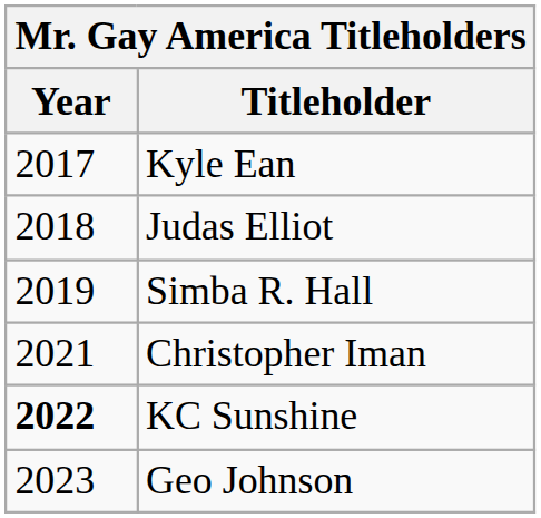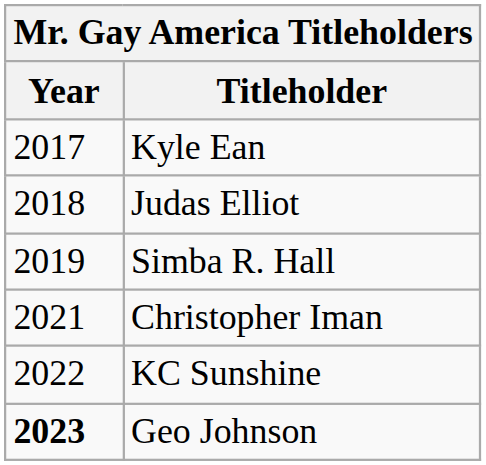 <table class="wikitable collapsible">
 <tr>
 <th colspan="2">Mr. Gay America Titleholders</th>
 </tr>
 <tr>
 <th>Year</th>
 <th>Titleholder</th>
 </tr>
 <tr>
 <td>2017</td>
 <td>Kyle Ean</td>
 </tr>
 <tr>
 <td>2018</td>
 <td>Judas Elliot</td>
 </tr>
 <tr>
 <td>2019</td>
 <td>Simba R. Hall</td>
 </tr>
 <tr>
 <td>2021</td>
 <td>Christopher Iman</td>
 </tr>
 <tr>
-<td><strong>2022</strong></td>
+<td>2022</td>
 <td>KC Sunshine</td>
 </tr>
 <tr>
-<td>2023</td>
+<td><strong>2023</strong></td>
 <td>Geo Johnson</td>
 </tr>
 </table>
